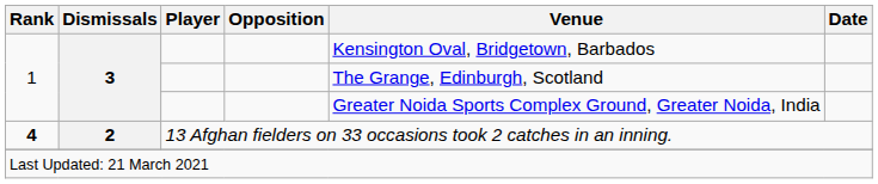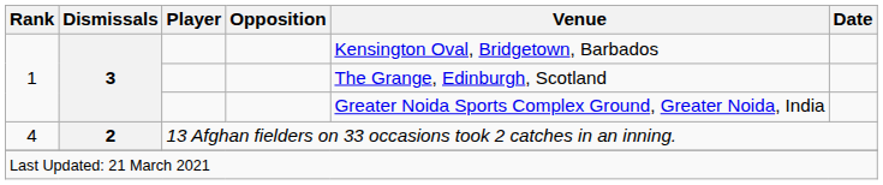 <table class="wikitable plainrowheaders sortable">
 <tr>
 <th scope=col>Rank</th>
 <th scope=col>Dismissals</th>
 <th scope=col>Player</th>
 <th scope=col>Opposition</th>
 <th scope=col>Venue</th>
 <th scope=col>Date</th>
 </tr>
 <tr>
 <td align=center rowspan=3>1</td>
 <th scope=row style=text-align:center; rowspan=3>3</th>
 <td></td>
 <td></td>
 <td><a href='#'>Kensington Oval</a>, <a href='#'>Bridgetown</a>, Barbados</td>
 <td></td>
 </tr>
 <tr>
 <td></td>
 <td></td>
 <td><a href='#'>The Grange</a>, <a href='#'>Edinburgh</a>, Scotland</td>
 <td></td>
 </tr>
 <tr>
 <td> </td>
 <td></td>
 <td><a href='#'>Greater Noida Sports Complex Ground</a>, <a href='#'>Greater Noida</a>, India</td>
 <td></td>
 </tr>
 <tr>
-<td align=center><strong>4</strong></td>
+<td align=center>4</td>
 <th scope=row style=text-align:center;>2</th>
 <td colspan=4><em>13 Afghan fielders on 33 occasions took 2 catches in an inning.</em></td>
 </tr>
 <tr>
 </tr>
 <tr class=sortbottom>
 <td colspan=6><small>Last Updated: 21 March 2021</small></td>
 </tr>
 </table>
